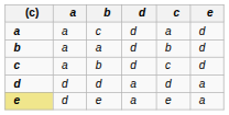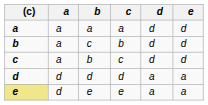 <table class="wikitable" border="1" width="20%" style="margin:1em auto;">
 <tr>
 <th>  (c)</th>
 <th>  <em>a</em></th>
 <th>  <em>b</em></th>
+<th>  <em>c</em></th>
 <th>  <em>d</em></th>
-<th>  <em>c</em></th>
 <th>  <em>e</em></th>
 </tr>
 <tr>
 <td>  <strong> <em>a</em> </strong></td>
 <td>  <em>a</em></td>
-<td>  <em>c</em></td>
+<td>  <em>a</em></td>
+<td>  <em>a</em></td>
 <td>  <em>d</em></td>
-<td>  <em>a</em></td>
 <td>  <em>d</em></td>
 </tr>
 <tr>
 <td>  <strong> <em>b</em> </strong></td>
 <td>  <em>a</em></td>
-<td>  <em>a</em></td>
+<td>  <em>c</em></td>
+<td>  <em>b</em></td>
 <td>  <em>d</em></td>
-<td>  <em>b</em></td>
 <td>  <em>d</em></td>
 </tr>
 <tr>
 <td>  <strong> <em>c</em> </strong></td>
 <td>  <em>a</em></td>
 <td>  <em>b</em></td>
+<td>  <em>c</em></td>
 <td>  <em>d</em></td>
-<td>  <em>c</em></td>
 <td>  <em>d</em></td>
 </tr>
 <tr>
 <td>  <strong> <em>d</em> </strong></td>
 <td>  <em>d</em></td>
 <td>  <em>d</em></td>
+<td>  <em>d</em></td>
 <td>  <em>a</em></td>
-<td>  <em>d</em></td>
 <td>  <em>a</em></td>
 </tr>
 <tr>
 <td style="background: khaki;">  <strong> <em>e</em> </strong></td>
 <td>  <em>d</em></td>
 <td>  <em>e</em></td>
+<td>  <em>e</em></td>
 <td>  <em>a</em></td>
-<td>  <em>e</em></td>
 <td>  <em>a</em></td>
 </tr>
 </table>
